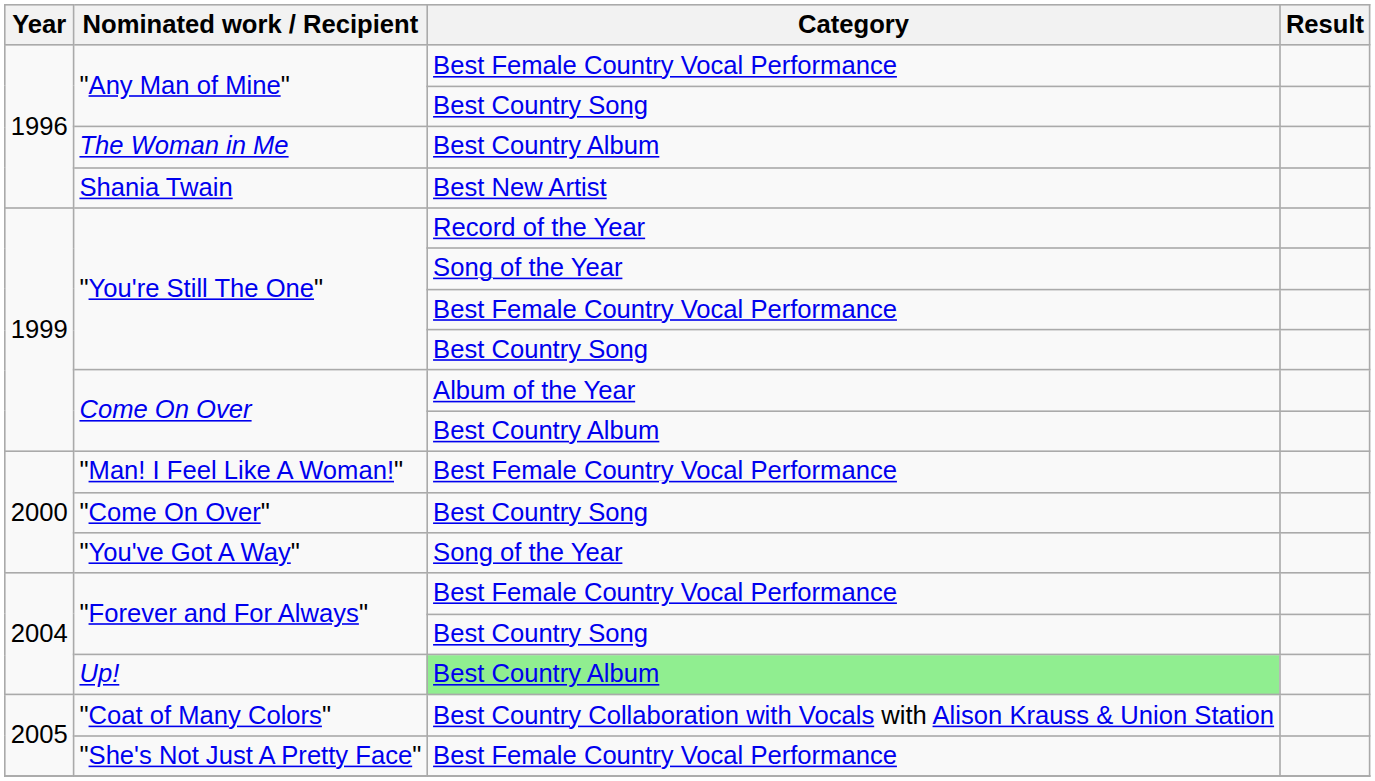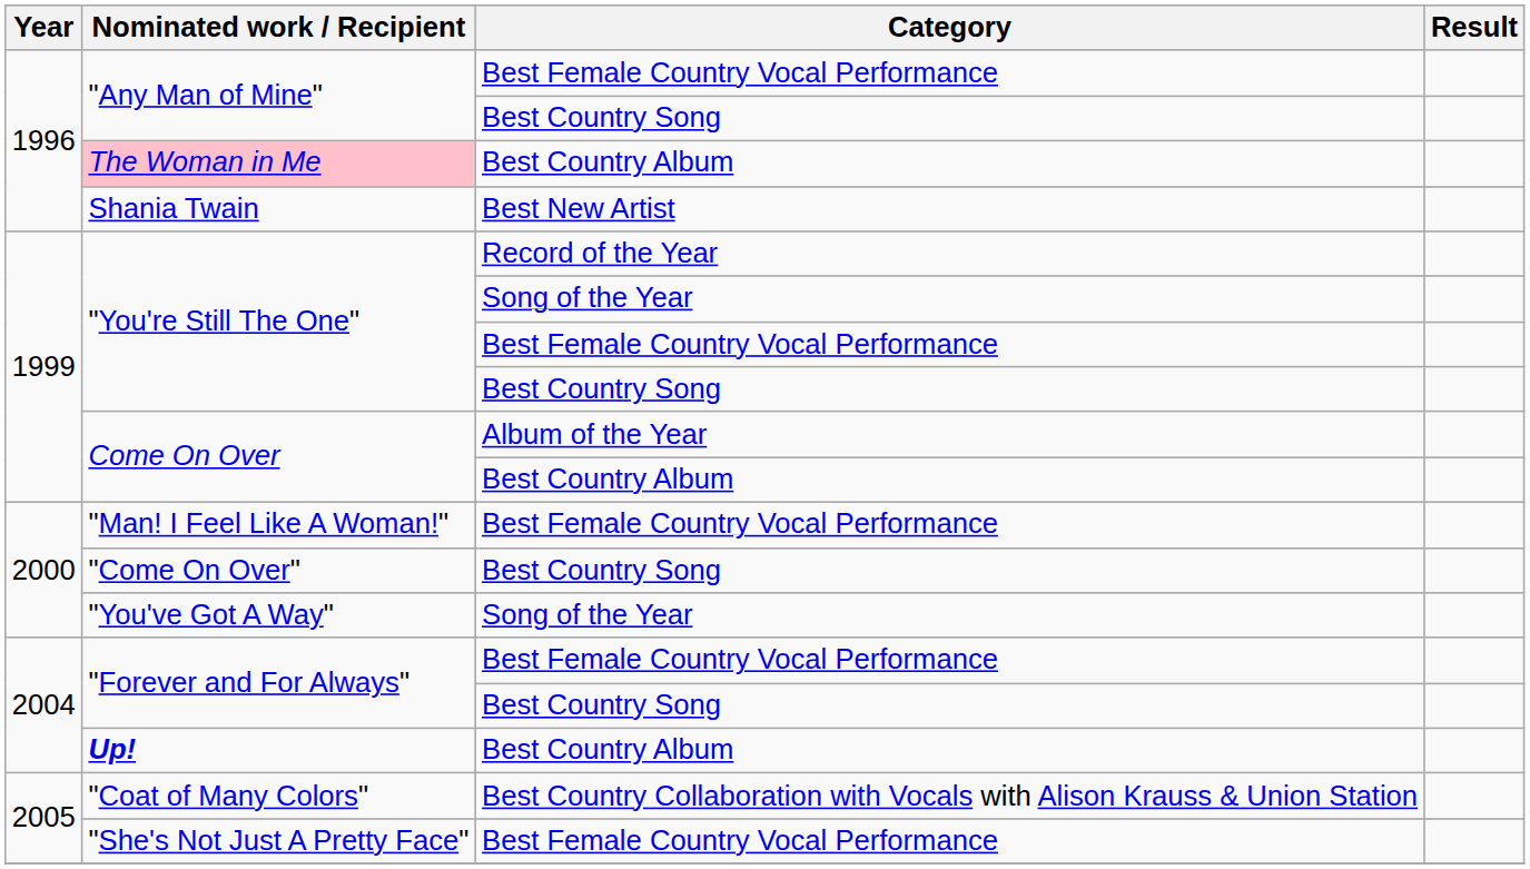 <table class="wikitable">
 <tr>
 <th>Year</th>
 <th>Nominated work / Recipient</th>
 <th>Category</th>
 <th>Result</th>
 </tr>
 <tr>
 <td rowspan="4">1996</td>
 <td rowspan="2">"<a href='#'>Any Man of Mine</a>"</td>
 <td><a href='#'>Best Female Country Vocal Performance</a></td>
 <td></td>
 </tr>
 <tr>
 <td><a href='#'>Best Country Song</a></td>
 <td></td>
 </tr>
 <tr>
-<td><em><a href='#'>The Woman in Me</a></em></td>
+<td style="background: pink;"><em><a href='#'>The Woman in Me</a></em></td>
 <td><a href='#'>Best Country Album</a></td>
 <td></td>
 </tr>
 <tr>
 <td><a href='#'>Shania Twain</a></td>
 <td><a href='#'>Best New Artist</a></td>
 <td></td>
 </tr>
 <tr>
 <td rowspan="6">1999</td>
 <td rowspan="4">"<a href='#'>You're Still The One</a>"</td>
 <td><a href='#'>Record of the Year</a></td>
 <td></td>
 </tr>
 <tr>
 <td><a href='#'>Song of the Year</a></td>
 <td></td>
 </tr>
 <tr>
 <td><a href='#'>Best Female Country Vocal Performance</a></td>
 <td></td>
 </tr>
 <tr>
 <td><a href='#'>Best Country Song</a></td>
 <td></td>
 </tr>
 <tr>
 <td rowspan="2"><em><a href='#'>Come On Over</a></em></td>
 <td><a href='#'>Album of the Year</a></td>
 <td></td>
 </tr>
 <tr>
 <td><a href='#'>Best Country Album</a></td>
 <td></td>
 </tr>
 <tr>
 <td rowspan="3">2000</td>
 <td>"<a href='#'>Man! I Feel Like A Woman!</a>"</td>
 <td><a href='#'>Best Female Country Vocal Performance</a></td>
 <td></td>
 </tr>
 <tr>
 <td>"<a href='#'>Come On Over</a>"</td>
 <td><a href='#'>Best Country Song</a></td>
 <td></td>
 </tr>
 <tr>
 <td>"<a href='#'>You've Got A Way</a>"</td>
 <td><a href='#'>Song of the Year</a></td>
 <td></td>
 </tr>
 <tr>
 <td rowspan="3">2004</td>
 <td rowspan="2">"<a href='#'>Forever and For Always</a>"</td>
 <td><a href='#'>Best Female Country Vocal Performance</a></td>
 <td></td>
 </tr>
 <tr>
 <td><a href='#'>Best Country Song</a></td>
 <td></td>
 </tr>
 <tr>
-<td><em><a href='#'>Up!</a></em></td>
-<td style="background: lightgreen;"><a href='#'>Best Country Album</a></td>
+<td><strong><em><a href='#'>Up!</a></em></strong></td>
+<td><a href='#'>Best Country Album</a></td>
 <td></td>
 </tr>
 <tr>
 <td rowspan="2">2005</td>
 <td>"<a href='#'>Coat of Many Colors</a>"</td>
 <td><a href='#'>Best Country Collaboration with Vocals</a> with <a href='#'>Alison Krauss & Union Station</a></td>
 <td></td>
 </tr>
 <tr>
 <td>"<a href='#'>She's Not Just A Pretty Face</a>"</td>
 <td><a href='#'>Best Female Country Vocal Performance</a></td>
 <td></td>
 </tr>
 <tr>
 </tr>
 </table>
